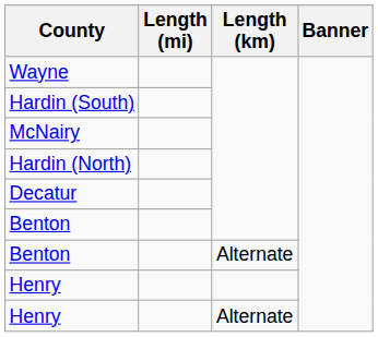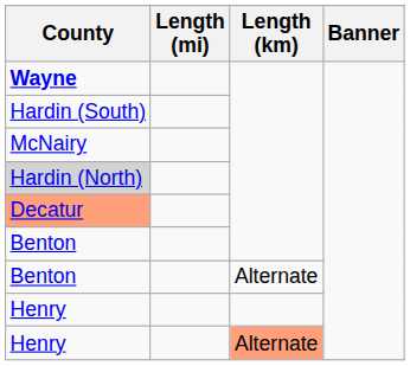 <table class=wikitable>
 <tr>
 </tr>
 <tr>
 <th>County</th>
 <th>Length<br>(mi)</th>
 <th>Length<br>(km)</th>
 <th>Banner</th>
 </tr>
 <tr>
-<td><a href='#'>Wayne</a></td>
+<td><strong><a href='#'>Wayne</a></strong></td>
 <td></td>
 <td rowspan=6> </td>
 </tr>
 <tr>
 <td><a href='#'>Hardin (South)</a></td>
 <td></td>
 </tr>
 <tr>
 <td><a href='#'>McNairy</a></td>
 <td></td>
 </tr>
 <tr>
-<td><a href='#'>Hardin (North)</a></td>
+<td style="background: lightgrey;"><a href='#'>Hardin (North)</a></td>
 <td></td>
 </tr>
 <tr>
-<td><a href='#'>Decatur</a></td>
+<td style="background: lightsalmon;"><a href='#'>Decatur</a></td>
 <td></td>
 </tr>
 <tr>
 <td><a href='#'>Benton</a></td>
 <td></td>
 </tr>
 <tr>
 <td><a href='#'>Benton</a></td>
 <td></td>
 <td>Alternate</td>
 </tr>
 <tr>
 <td><a href='#'>Henry</a></td>
 <td></td>
 <td></td>
 </tr>
 <tr>
 <td><a href='#'>Henry</a></td>
 <td></td>
-<td>Alternate</td>
+<td style="background: lightsalmon;">Alternate</td>
 </tr>
 </table>
